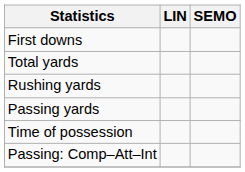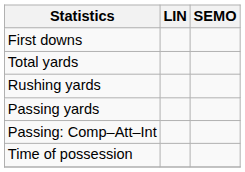 <table class="wikitable" style="float: left;">
 <tr>
 <th>Statistics</th>
 <th>LIN</th>
 <th>SEMO</th>
 </tr>
 <tr>
 <td>First downs</td>
 <td></td>
 <td></td>
 </tr>
 <tr>
 <td>Total yards</td>
 <td></td>
 <td></td>
 </tr>
 <tr>
 <td>Rushing yards</td>
 <td></td>
 <td></td>
 </tr>
 <tr>
 <td>Passing yards</td>
 <td></td>
 <td></td>
 </tr>
 <tr>
-<td>Time of possession</td>
+<td>Passing: Comp–Att–Int</td>
 <td></td>
 <td></td>
 </tr>
 <tr>
-<td>Passing: Comp–Att–Int</td>
+<td>Time of possession</td>
 <td></td>
 <td></td>
 </tr>
 <tr>
 </tr>
 </table>
